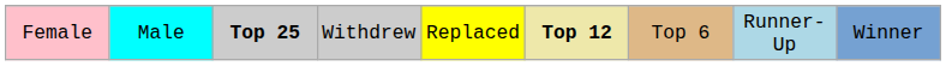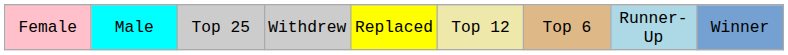 <table class="wikitable" style="margin:1em auto; text-align:center;">
 <tr>
 </tr>
 <tr>
 <td style="background:pink;" width="11%">Female</td>
 <td style="background:cyan;" width="11%">Male</td>
-<td style="background:#CCCCCC;" width="11%"><strong>Top 25</strong></td>
+<td style="background:#CCCCCC;" width="11%">Top 25</td>
 <td style="background:#CCCCCC" width="11%">Withdrew</td>
 <td style="background:yellow" width="11%">Replaced</td>
-<td style="background:palegoldenrod;" width="11%"><strong>Top 12</strong></td>
+<td style="background:palegoldenrod;" width="11%">Top 12</td>
 <td style="background:#DEB887" width="11%">Top 6</td>
 <td style="background:lightblue" width="11%">Runner-Up</td>
 <td style="background:#75A1D2" width="11%">Winner</td>
 </tr>
 </table>
